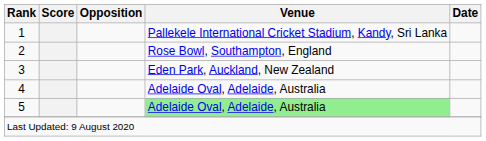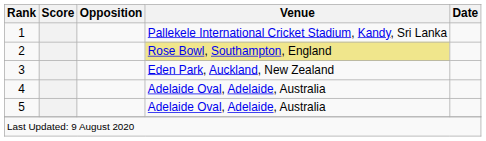 <table class="wikitable plainrowheaders sortable">
 <tr>
 <th scope=col>Rank</th>
 <th scope=col>Score</th>
 <th scope=col>Opposition</th>
 <th scope=col>Venue</th>
 <th scope=col>Date</th>
 </tr>
 <tr>
 <td align=center>1</td>
 <th scope=row style=text-align:center;></th>
 <td></td>
 <td><a href='#'>Pallekele International Cricket Stadium</a>, <a href='#'>Kandy</a>, Sri Lanka</td>
 <td></td>
 </tr>
 <tr>
 <td align=center>2</td>
 <th scope=row style=text-align:center;></th>
 <td></td>
-<td><a href='#'>Rose Bowl</a>, <a href='#'>Southampton</a>, England</td>
+<td style="background: khaki;"><a href='#'>Rose Bowl</a>, <a href='#'>Southampton</a>, England</td>
 <td></td>
 </tr>
 <tr>
 <td align=center>3</td>
 <th scope=row style=text-align:center;></th>
 <td></td>
 <td><a href='#'>Eden Park</a>, <a href='#'>Auckland</a>, New Zealand</td>
 <td></td>
 </tr>
 <tr>
 <td align=center>4</td>
 <th scope=row style=text-align:center;></th>
 <td></td>
 <td><a href='#'>Adelaide Oval</a>, <a href='#'>Adelaide</a>, Australia</td>
 <td></td>
 </tr>
 <tr>
 <td align=center>5</td>
 <th scope=row style=text-align:center;></th>
 <td></td>
-<td style="background: lightgreen;"><a href='#'>Adelaide Oval</a>, <a href='#'>Adelaide</a>, Australia</td>
+<td><a href='#'>Adelaide Oval</a>, <a href='#'>Adelaide</a>, Australia</td>
 <td></td>
 </tr>
 <tr>
 </tr>
 <tr class=sortbottom>
 <td colspan=5><small>Last Updated: 9 August 2020</small></td>
 </tr>
 </table>
